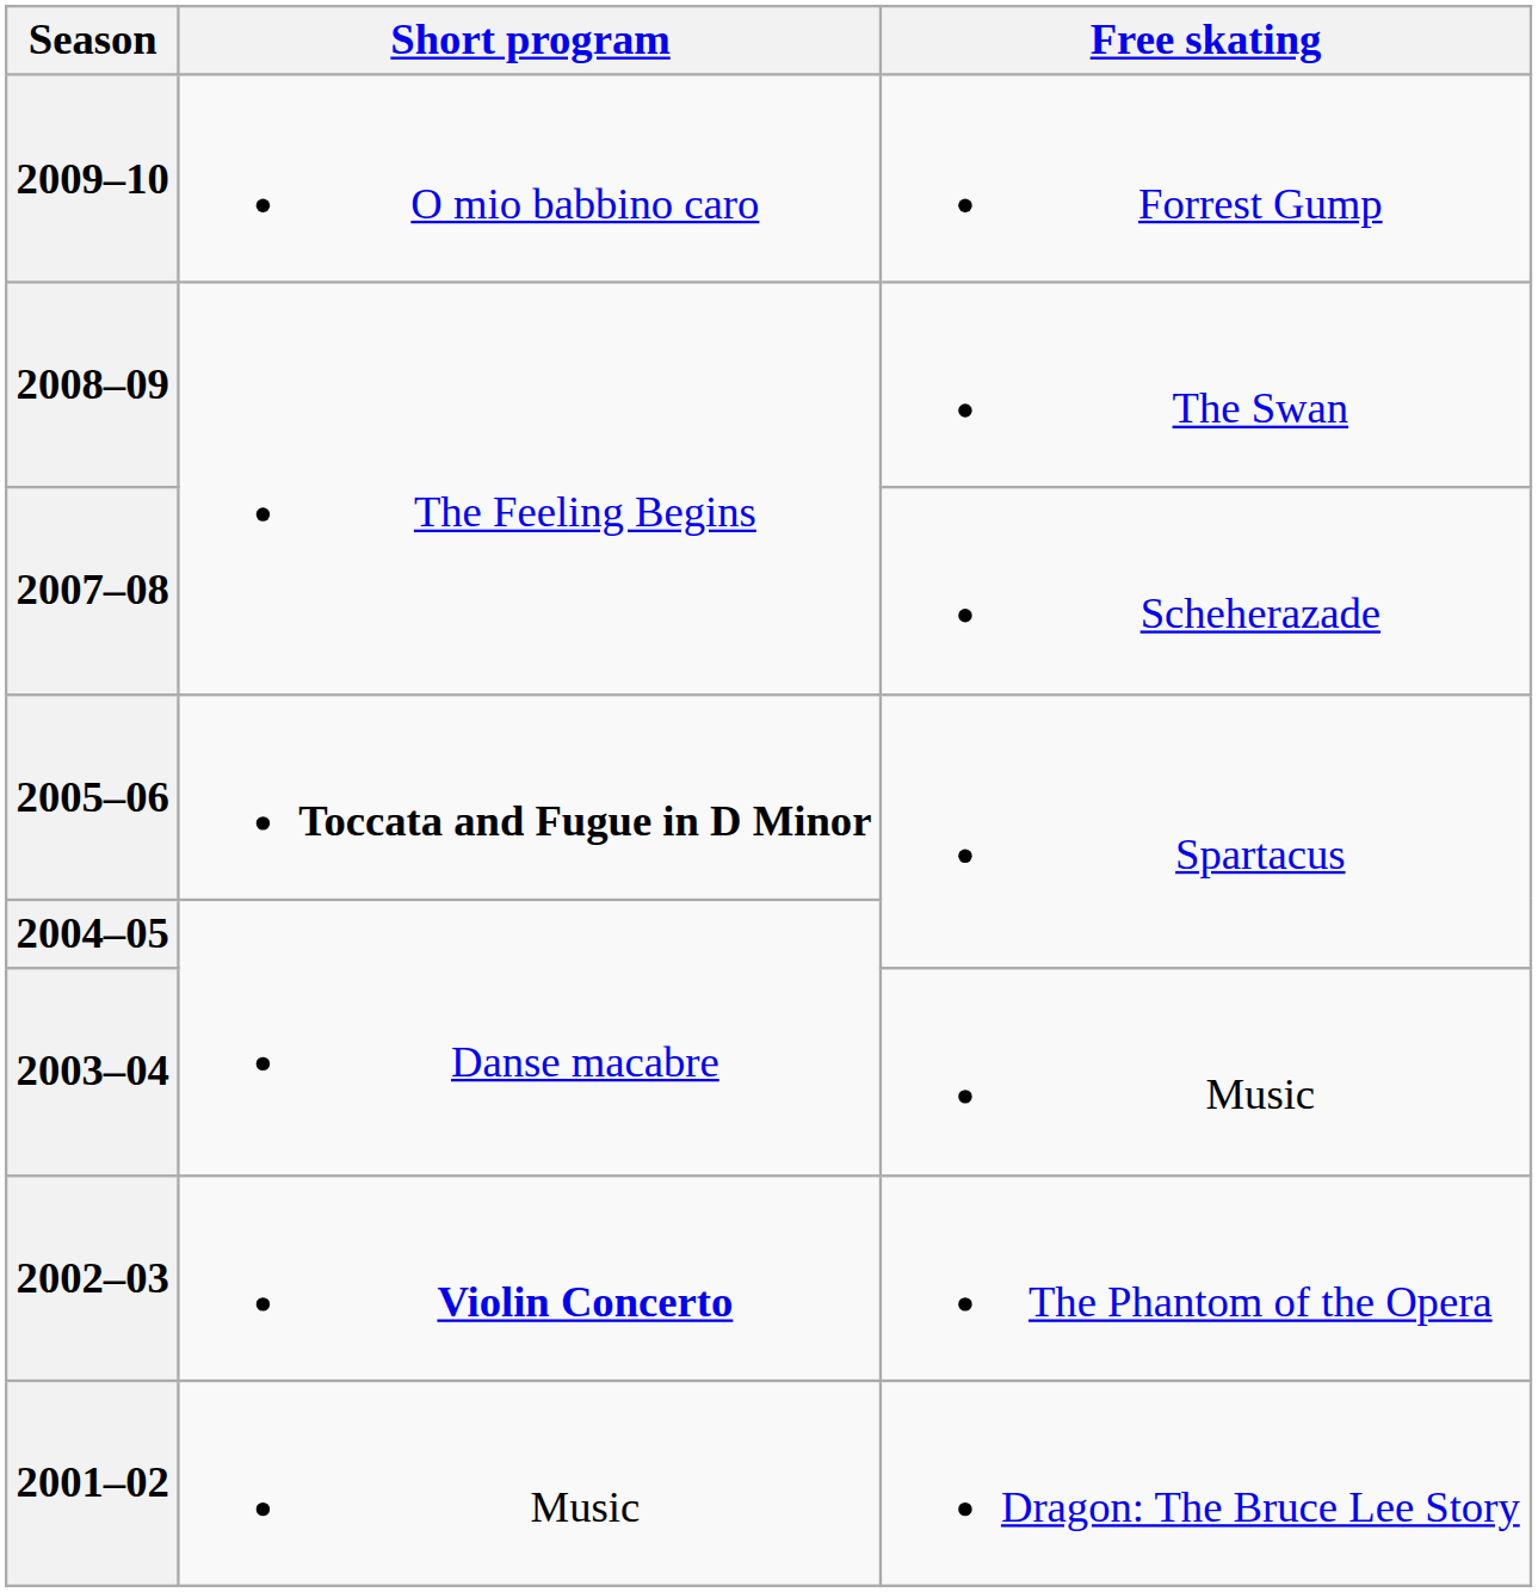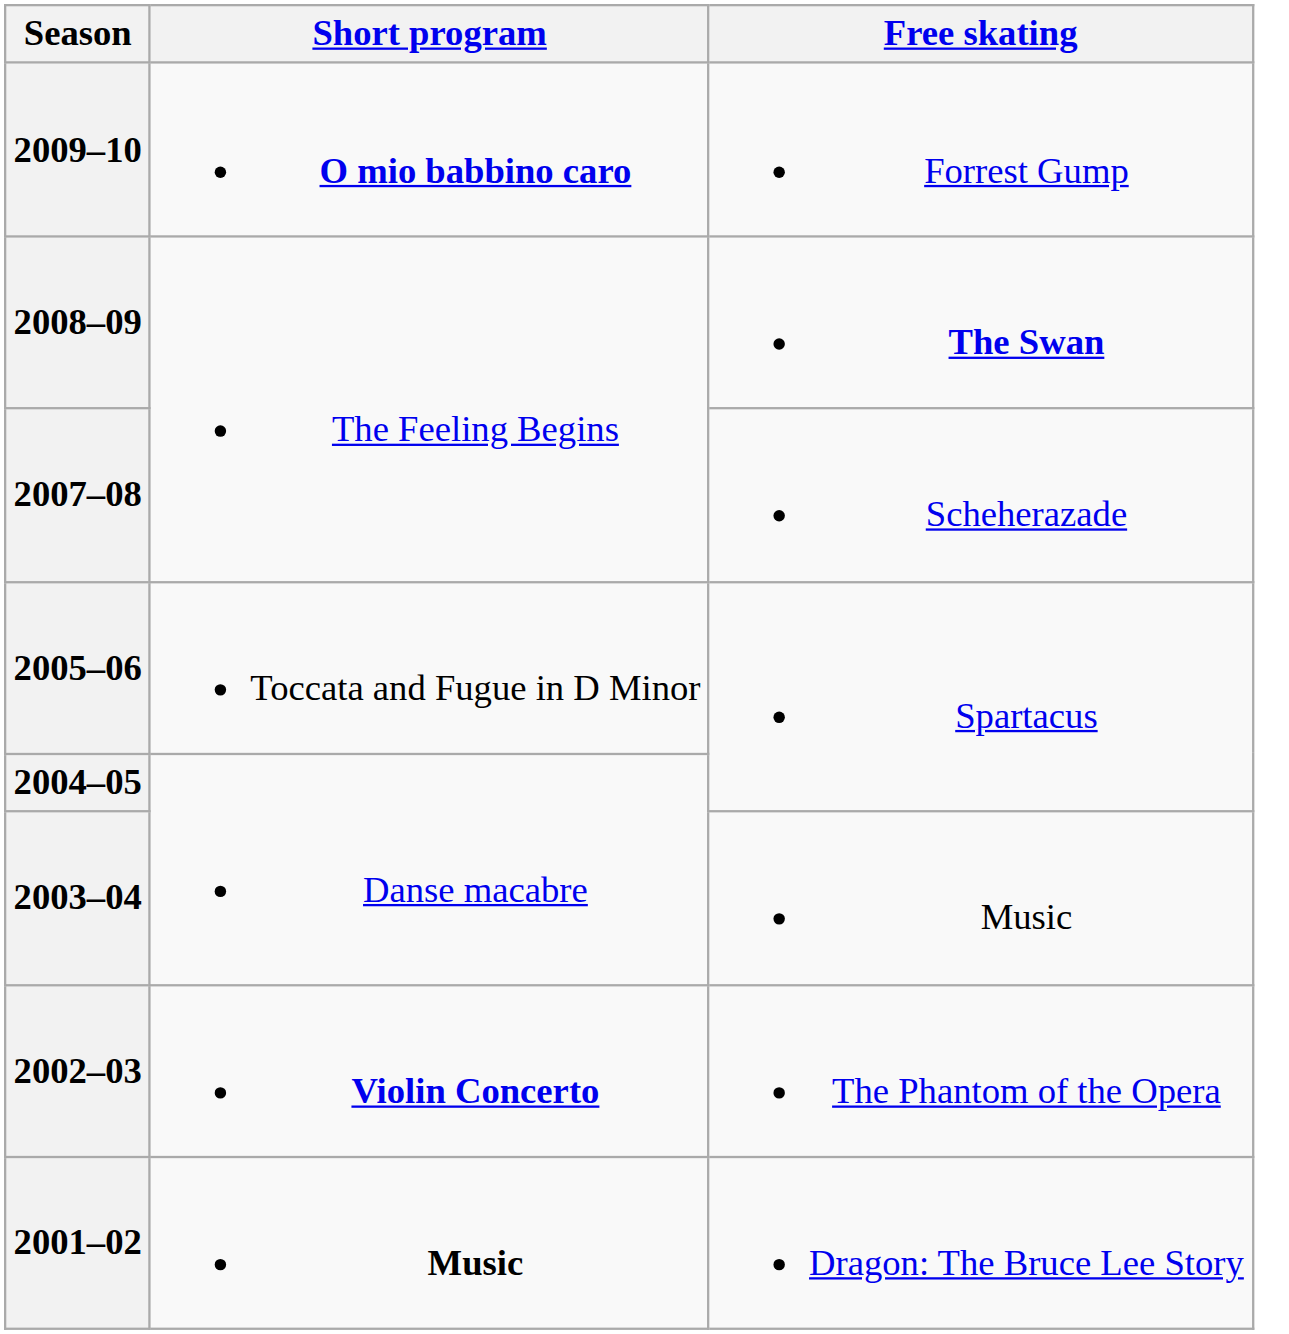 <table class=wikitable style=text-align:center>
 <tr>
 <th>Season</th>
 <th><a href='#'>Short program</a></th>
 <th><a href='#'>Free skating</a></th>
 </tr>
 <tr>
 <th>2009–10 <br> </th>
-<td><br><ul><li><a href='#'>O mio babbino caro</a> <br></li></ul></td>
+<td><strong><br><ul><li><a href='#'>O mio babbino caro</a> <br></li></ul></strong></td>
 <td><br><ul><li><a href='#'>Forrest Gump</a> <br></li></ul></td>
 </tr>
 <tr>
 <th>2008–09 <br> </th>
 <td rowspan=2><br><ul><li><a href='#'>The Feeling Begins</a> <br></li></ul></td>
-<td><br><ul><li><a href='#'>The Swan</a> <br></li></ul></td>
+<td><strong><br><ul><li><a href='#'>The Swan</a> <br></li></ul></strong></td>
 </tr>
 <tr>
 <th>2007–08 <br> </th>
 <td><br><ul><li><a href='#'>Scheherazade</a> <br></li></ul></td>
 </tr>
 <tr>
 <th>2005–06 <br> </th>
-<td><strong><br><ul><li>Toccata and Fugue in D Minor <br></li></ul></strong></td>
+<td><br><ul><li>Toccata and Fugue in D Minor <br></li></ul></td>
 <td rowspan=2><br><ul><li><a href='#'>Spartacus</a> <br></li></ul></td>
 </tr>
 <tr>
 <th>2004–05 <br> </th>
 <td rowspan=2><br><ul><li><a href='#'>Danse macabre</a> <br></li></ul></td>
 </tr>
 <tr>
 <th>2003–04 <br> </th>
 <td><br><ul><li>Music <br></li></ul></td>
 </tr>
 <tr>
 <th>2002–03 <br> </th>
 <td><strong><br><ul><li><a href='#'>Violin Concerto</a> <br></li></ul></strong></td>
 <td><br><ul><li><a href='#'>The Phantom of the Opera</a> <br></li></ul></td>
 </tr>
 <tr>
 <th>2001–02 <br> </th>
-<td><br><ul><li>Music <br></li></ul></td>
+<td><strong><br><ul><li>Music <br></li></ul></strong></td>
 <td><br><ul><li><a href='#'>Dragon: The Bruce Lee Story</a> <br></li></ul></td>
 </tr>
 </table>
